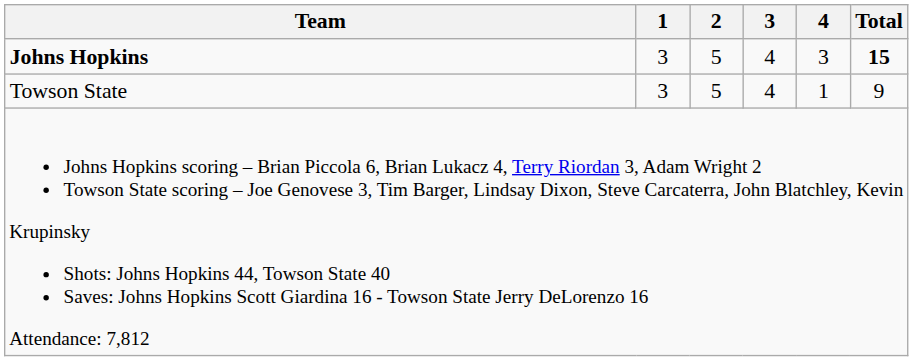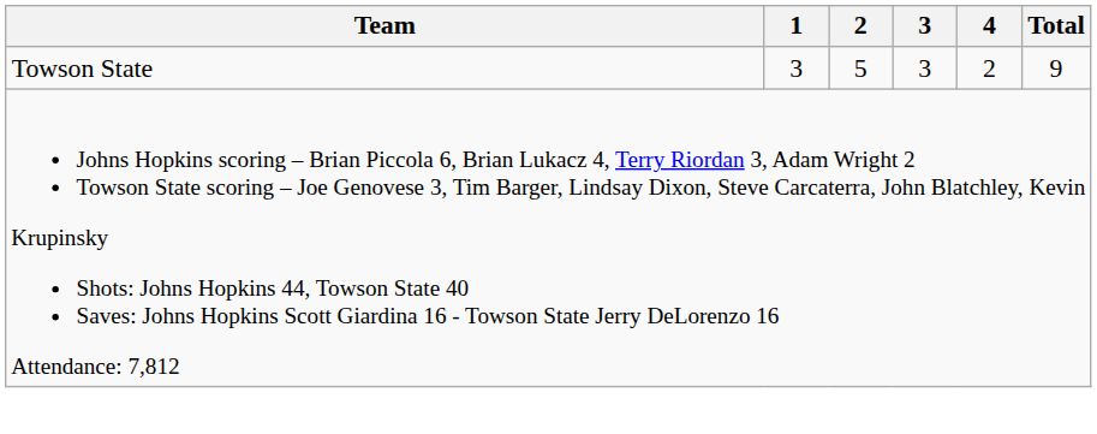 <table class="wikitable" style="text-align:center; max-width:45em">
 <tr>
 <th>Team</th>
 <th style="width:2em">1</th>
 <th style="width:2em">2</th>
 <th style="width:2em">3</th>
 <th style="width:2em">4</th>
 <th style="width:2em">Total</th>
 </tr>
 <tr>
-<td style="text-align:left"><strong>Johns Hopkins</strong></td>
-<td>3</td>
-<td>5</td>
-<td>4</td>
-<td>3</td>
-<td><strong>15</strong></td>
-</tr>
-<tr>
 <td style="text-align:left">Towson State</td>
 <td>3</td>
 <td>5</td>
-<td>4</td>
-<td>1</td>
+<td>3</td>
+<td>2</td>
 <td>9</td>
 </tr>
 <tr>
 <td colspan=6 style="text-align:left; font-size:88%;"><br><ul><li>Johns Hopkins scoring – Brian Piccola 6, Brian Lukacz 4, <a href='#'>Terry Riordan</a> 3, Adam Wright 2</li><li>Towson State scoring – Joe Genovese 3, Tim Barger, Lindsay Dixon, Steve Carcaterra, John Blatchley, Kevin</li></ul>Krupinsky<ul><li>Shots: Johns Hopkins 44, Towson State 40</li><li>Saves: Johns Hopkins Scott Giardina 16 - Towson State Jerry DeLorenzo 16</li></ul>Attendance: 7,812 </td>
 </tr>
 </table>
